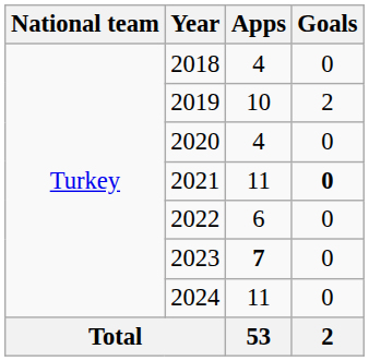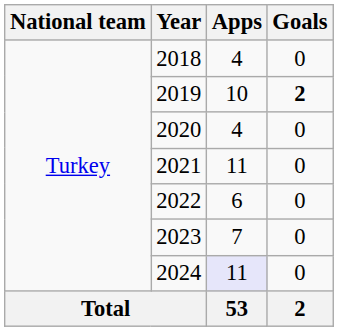 <table class="wikitable" style="text-align:center">
 <tr>
 <th>National team</th>
 <th>Year</th>
 <th>Apps</th>
 <th>Goals</th>
 </tr>
 <tr>
 <td rowspan="7"><a href='#'>Turkey</a></td>
 <td>2018</td>
 <td>4</td>
 <td>0</td>
 </tr>
 <tr>
 <td>2019</td>
 <td>10</td>
-<td>2</td>
+<td><strong>2</strong></td>
 </tr>
 <tr>
 <td>2020</td>
 <td>4</td>
 <td>0</td>
 </tr>
 <tr>
 <td>2021</td>
 <td>11</td>
-<td><strong>0</strong></td>
+<td>0</td>
 </tr>
 <tr>
 <td>2022</td>
 <td>6</td>
 <td>0</td>
 </tr>
 <tr>
 <td>2023</td>
-<td><strong>7</strong></td>
+<td>7</td>
 <td>0</td>
 </tr>
 <tr>
 <td>2024</td>
-<td>11</td>
+<td style="background: lavender;">11</td>
 <td>0</td>
 </tr>
 <tr>
 <th colspan="2">Total</th>
 <th>53</th>
 <th>2</th>
 </tr>
 </table>
